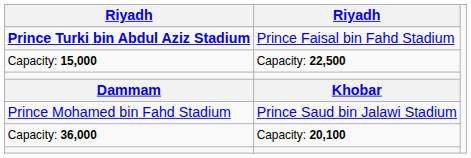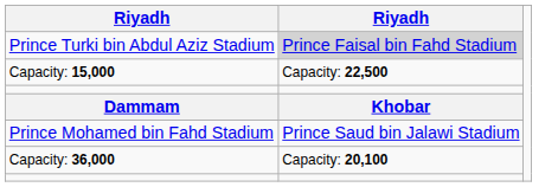 <table class="wikitable">
 <tr>
 <th><a href='#'>Riyadh</a></th>
 <th><a href='#'>Riyadh</a></th>
 <td rowspan=8><br></td>
 </tr>
 <tr>
-<td><strong><a href='#'>Prince Turki bin Abdul Aziz Stadium</a></strong></td>
-<td><a href='#'>Prince Faisal bin Fahd Stadium</a></td>
+<td><a href='#'>Prince Turki bin Abdul Aziz Stadium</a></td>
+<td style="background: lightgrey;"><a href='#'>Prince Faisal bin Fahd Stadium</a></td>
 </tr>
 <tr>
 <td><small>Capacity: <strong>15,000</strong> </small></td>
 <td><small>Capacity: <strong>22,500</strong> </small></td>
 </tr>
 <tr>
 <td></td>
 <td></td>
 </tr>
 <tr>
 <th><a href='#'>Dammam</a></th>
 <th><a href='#'>Khobar</a></th>
 </tr>
 <tr>
 <td><a href='#'>Prince Mohamed bin Fahd Stadium</a></td>
 <td><a href='#'>Prince Saud bin Jalawi Stadium</a></td>
 </tr>
 <tr>
 <td><small>Capacity: <strong>36,000</strong></small></td>
 <td><small>Capacity: <strong>20,100</strong></small></td>
 </tr>
 <tr>
 <td></td>
 <td></td>
 </tr>
 </table>
